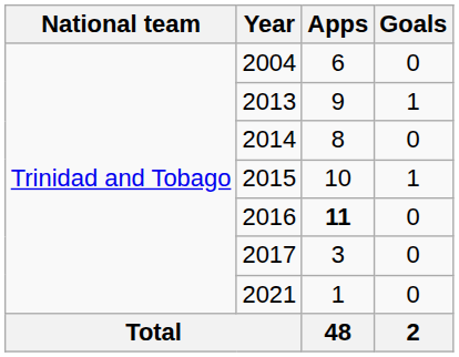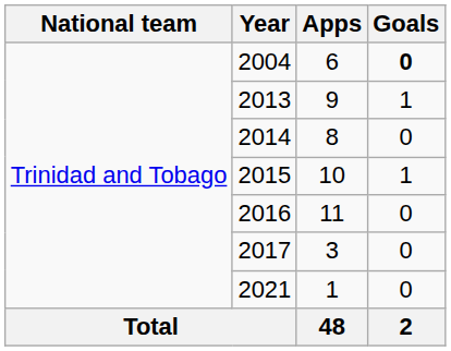 <table class=wikitable style=text-align:center>
 <tr>
 <th>National team</th>
 <th>Year</th>
 <th>Apps</th>
 <th>Goals</th>
 </tr>
 <tr>
 <td rowspan=7><a href='#'>Trinidad and Tobago</a></td>
 <td>2004</td>
 <td>6</td>
-<td>0</td>
+<td><strong>0</strong></td>
 </tr>
 <tr>
 <td>2013</td>
 <td>9</td>
 <td>1</td>
 </tr>
 <tr>
 <td>2014</td>
 <td>8</td>
 <td>0</td>
 </tr>
 <tr>
 <td>2015</td>
 <td>10</td>
 <td>1</td>
 </tr>
 <tr>
 <td>2016</td>
-<td><strong>11</strong></td>
+<td>11</td>
 <td>0</td>
 </tr>
 <tr>
 <td>2017</td>
 <td>3</td>
 <td>0</td>
 </tr>
 <tr>
 <td>2021</td>
 <td>1</td>
 <td>0</td>
 </tr>
 <tr>
 <th colspan=2>Total</th>
 <th>48</th>
 <th>2</th>
 </tr>
 </table>
